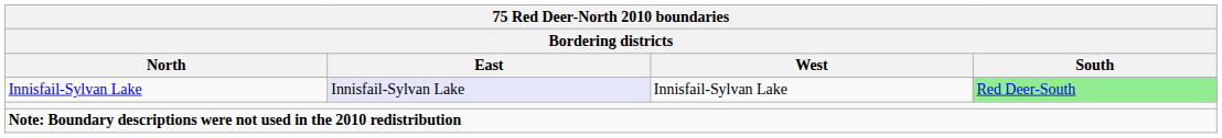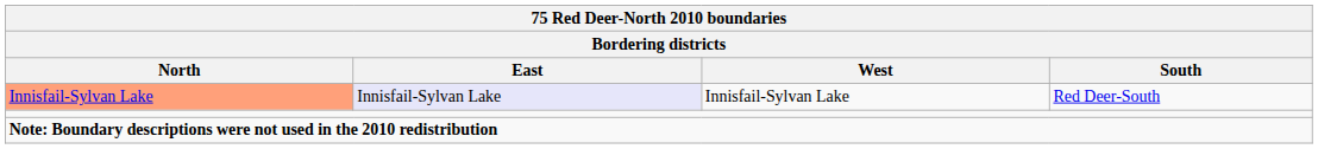 <table class="wikitable collapsible collapsed" style="width:100%;">
 <tr>
 <th colspan=4>75 Red Deer-North 2010 boundaries</th>
 </tr>
 <tr>
 <th colspan=4>Bordering districts</th>
 </tr>
 <tr>
 <th>North</th>
 <th>East</th>
 <th>West</th>
 <th>South</th>
 </tr>
 <tr>
-<td><a href='#'>Innisfail-Sylvan Lake</a></td>
+<td style="background: lightsalmon;"><a href='#'>Innisfail-Sylvan Lake</a></td>
 <td style="background: lavender;">Innisfail-Sylvan Lake</td>
 <td>Innisfail-Sylvan Lake</td>
-<td style="background: lightgreen;"><a href='#'>Red Deer-South</a></td>
+<td><a href='#'>Red Deer-South</a></td>
 </tr>
 <tr>
 <td colspan=4 align=center></td>
 </tr>
 <tr>
 <td colspan=4><strong>Note: Boundary descriptions were not used in the 2010 redistribution</strong></td>
 </tr>
 </table>
